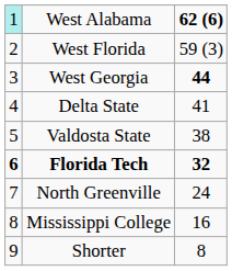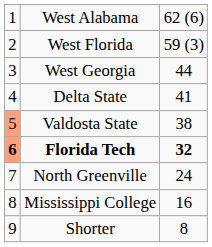 <table class="wikitable">
 <tr align="center">
 </tr>
 <tr align="center">
-<td style="background: paleturquoise;">1</td>
+<td>1</td>
 <td>West Alabama</td>
-<td><strong>62 (6)</strong></td>
+<td>62 (6)</td>
 </tr>
 <tr align="center">
 <td>2</td>
 <td>West Florida</td>
 <td>59 (3)</td>
 </tr>
 <tr align="center">
 <td>3</td>
 <td>West Georgia</td>
-<td><strong>44</strong></td>
+<td>44</td>
 </tr>
 <tr align="center">
 <td>4</td>
 <td>Delta State</td>
 <td>41</td>
 </tr>
 <tr align="center">
-<td>5</td>
+<td style="background: lightsalmon;">5</td>
 <td>Valdosta State</td>
 <td>38</td>
 </tr>
 <tr align="center">
-<td><strong>6</strong></td>
+<td style="background: lightsalmon;"><strong>6</strong></td>
 <td><strong>Florida Tech</strong></td>
 <td><strong>32</strong></td>
 </tr>
 <tr align="center">
 <td>7</td>
 <td>North Greenville</td>
 <td>24</td>
 </tr>
 <tr align="center">
 <td>8</td>
 <td>Mississippi College</td>
 <td>16</td>
 </tr>
 <tr align="center">
 <td>9</td>
 <td>Shorter</td>
 <td>8</td>
 </tr>
 </table>
